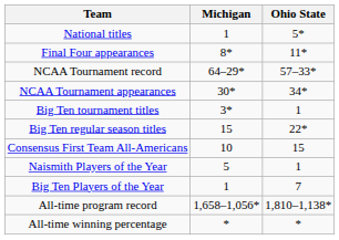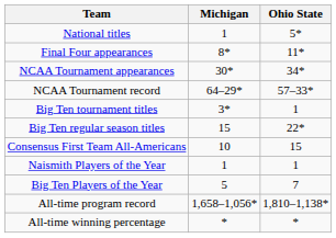 <table class="wikitable" style="text-align:center;">
 <tr>
 <th>Team</th>
 <th>Michigan</th>
 <th>Ohio State</th>
 </tr>
 <tr>
 <td><a href='#'>National titles</a></td>
 <td style=>1</td>
 <td>5*</td>
 </tr>
 <tr>
 <td><a href='#'>Final Four appearances</a></td>
 <td>8*</td>
 <td>11*</td>
 </tr>
 <tr>
+<td><a href='#'>NCAA Tournament appearances</a></td>
+<td>30*</td>
+<td>34*</td>
+</tr>
+<tr>
 <td>NCAA Tournament record</td>
 <td>64–29*</td>
 <td>57–33*</td>
-</tr>
-<tr>
-<td><a href='#'>NCAA Tournament appearances</a></td>
-<td>30*</td>
-<td>34*</td>
 </tr>
 <tr>
 <td><a href='#'>Big Ten tournament titles</a></td>
 <td>3*</td>
 <td>1</td>
 </tr>
 <tr>
 <td><a href='#'>Big Ten regular season titles</a></td>
 <td>15</td>
 <td>22*</td>
 </tr>
 <tr>
 <td><a href='#'>Consensus First Team All-Americans</a></td>
 <td>10</td>
 <td>15</td>
 </tr>
 <tr>
 <td><a href='#'>Naismith Players of the Year</a></td>
-<td>5</td>
+<td>1</td>
 <td>1</td>
 </tr>
 <tr>
 <td><a href='#'>Big Ten Players of the Year</a></td>
-<td>1</td>
+<td>5</td>
 <td>7</td>
 </tr>
 <tr>
 <td>All-time program record</td>
 <td>1,658–1,056*</td>
 <td>1,810–1,138*</td>
 </tr>
 <tr>
 <td>All-time winning percentage</td>
 <td>*</td>
 <td>*</td>
 </tr>
 </table>
